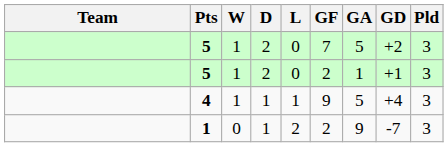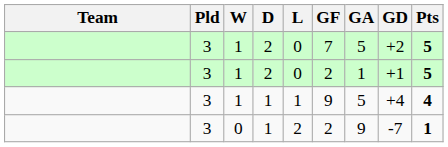 <table class="wikitable" style="text-align:center;">
 <tr>
 <th width=165>Team</th>
-<th width=20>Pts</th>
+<th width=20>Pld</th>
 <th width=20>W</th>
 <th width=20>D</th>
 <th width=20>L</th>
 <th width=20>GF</th>
 <th width=20>GA</th>
 <th width=20>GD</th>
-<th width=20>Pld</th>
+<th width=20>Pts</th>
 </tr>
 <tr align=center style="background:#ccffcc;">
 <td style="text-align:left;"></td>
-<td><strong>5</strong></td>
+<td>3</td>
 <td>1</td>
 <td>2</td>
 <td>0</td>
 <td>7</td>
 <td>5</td>
 <td>+2</td>
-<td>3</td>
+<td><strong>5</strong></td>
 </tr>
 <tr align=center style="background:#ccffcc;">
 <td style="text-align:left;"></td>
-<td><strong>5</strong></td>
+<td>3</td>
 <td>1</td>
 <td>2</td>
 <td>0</td>
 <td>2</td>
 <td>1</td>
 <td>+1</td>
-<td>3</td>
+<td><strong>5</strong></td>
 </tr>
 <tr align=center style="background:">
 <td style="text-align:left;"></td>
-<td><strong>4</strong></td>
+<td>3</td>
 <td>1</td>
 <td>1</td>
 <td>1</td>
 <td>9</td>
 <td>5</td>
 <td>+4</td>
-<td>3</td>
+<td><strong>4</strong></td>
 </tr>
 <tr align=center style="background:">
 <td style="text-align:left;"></td>
-<td><strong>1</strong></td>
+<td>3</td>
 <td>0</td>
 <td>1</td>
 <td>2</td>
 <td>2</td>
 <td>9</td>
 <td>-7</td>
-<td>3</td>
+<td><strong>1</strong></td>
 </tr>
 </table>
